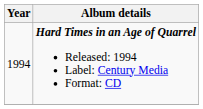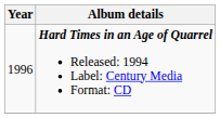 <table class ="wikitable">
 <tr>
 <th>Year</th>
 <th>Album details</th>
 </tr>
 <tr>
-<td>1994</td>
+<td>1996</td>
 <td><strong><em>Hard Times in an Age of Quarrel</em></strong><br><ul><li>Released: 1994</li><li>Label: <a href='#'>Century Media</a></li><li>Format: <a href='#'>CD</a></li></ul></td>
 </tr>
 <tr>
 </tr>
 </table>
